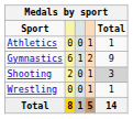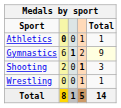 <table class="wikitable" style="font-size:85%;float:right;text-align:center">
 <tr>
 <th colspan=5><strong>Medals by sport</strong></th>
 </tr>
 <tr align=center>
 <td><strong>Sport</strong></td>
 <td style="background:#f7f6a8;"></td>
 <td style="background:#dce5e5;"></td>
 <td style="background:#ffdab9;"></td>
 <td><strong>Total</strong></td>
 </tr>
 <tr align=center>
 <td align=left><a href='#'>Athletics</a></td>
-<td style="background:#f7f6a8;">0</td>
+<td style="background:#f7f6a8;"><strong>0</strong></td>
 <td style="background:#dce5e5;">0</td>
 <td style="background:#ffdab9;">1</td>
 <td>1</td>
 </tr>
 <tr align=center>
 <td align=left><a href='#'>Gymnastics</a></td>
 <td style="background:#f7f6a8;">6</td>
-<td style="background:#dce5e5;">1</td>
+<td style="background:#dce5e5;"><strong>1</strong></td>
 <td style="background:#ffdab9;">2</td>
-<td>9</td>
+<td style="background: lightyellow;">9</td>
 </tr>
 <tr align=center>
 <td align=left><a href='#'>Shooting</a></td>
 <td style="background:#f7f6a8;">2</td>
 <td style="background:#dce5e5;">0</td>
-<td style="background:#ffdab9;">1</td>
-<td style="background: lightgrey;">3</td>
+<td style="background:#ffdab9;"><strong>1</strong></td>
+<td>3</td>
 </tr>
 <tr align=center>
 <td align=left><a href='#'>Wrestling</a></td>
 <td style="background:#f7f6a8;">0</td>
 <td style="background:#dce5e5;">0</td>
 <td style="background:#ffdab9;">1</td>
 <td>1</td>
 </tr>
 <tr align=center>
 <th style="background:#efefef;"><strong>Total</strong></th>
 <th style="background:gold;"><strong>8</strong></th>
 <th style="background:silver;"><strong>1</strong></th>
 <th style="background:#c96;"><strong>5</strong></th>
 <th><strong>14</strong></th>
 </tr>
 </table>
